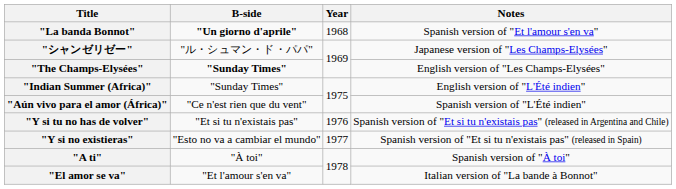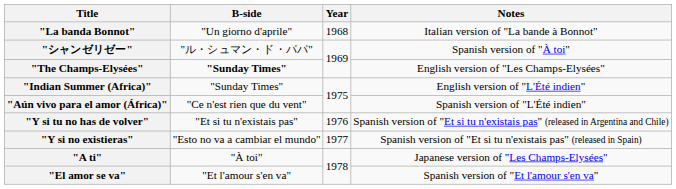 <table class="wikitable plainrowheaders" style="text-align:center;">
 <tr>
 <th rowspan="1" scope="col">Title</th>
 <th rowspan="1" scope="col">B-side</th>
 <th rowspan="1" scope="col">Year</th>
 <th rowspan="1" scope="col">Notes</th>
 </tr>
 <tr>
 <th scope="row">"La banda Bonnot"</th>
-<td><strong>"Un giorno d'aprile"</strong></td>
+<td>"Un giorno d'aprile"</td>
 <td>1968</td>
-<td>Spanish version of "<a href='#'>Et l'amour s'en va</a>"</td>
+<td>Italian version of "La bande à Bonnot"</td>
 </tr>
 <tr>
 <th scope="row">"シャンゼリゼー"</th>
 <td>"ル・シュマン・ド・パパ"</td>
 <td rowspan="2">1969</td>
-<td>Japanese version of "<a href='#'>Les Champs-Elysées</a>"</td>
+<td>Spanish version of "<a href='#'>À toi</a>"</td>
 </tr>
 <tr>
 <th scope="row">"The Champs-Elysées"</th>
 <td><strong>"Sunday Times"</strong></td>
 <td>English version of "Les Champs-Elysées"</td>
 </tr>
 <tr>
 <th scope="row">"Indian Summer (Africa)"</th>
 <td>"Sunday Times"</td>
 <td rowspan="2">1975</td>
 <td>English version of "<a href='#'>L'Été indien</a>"</td>
 </tr>
 <tr>
 <th scope="row">"Aún vivo para el amor (África)"</th>
 <td>"Ce n'est rien que du vent"</td>
 <td>Spanish version of "L'Été indien"</td>
 </tr>
 <tr>
 <th scope="row">"Y si tu no has de volver"</th>
 <td>"Et si tu n'existais pas"</td>
 <td>1976</td>
 <td>Spanish version of "<a href='#'>Et si tu n'existais pas</a>" <small>(released in Argentina and Chile)</small></td>
 </tr>
 <tr>
 <th scope="row">"Y si no existieras"</th>
 <td>"Esto no va a cambiar el mundo"</td>
 <td>1977</td>
 <td>Spanish version of "Et si tu n'existais pas" <small>(released in Spain)</small></td>
 </tr>
 <tr>
 <th scope="row">"A ti"</th>
 <td>"À toi"</td>
 <td rowspan="2">1978</td>
-<td>Spanish version of "<a href='#'>À toi</a>"</td>
+<td>Japanese version of "<a href='#'>Les Champs-Elysées</a>"</td>
 </tr>
 <tr>
 <th scope="row">"El amor se va"</th>
 <td>"Et l'amour s'en va"</td>
-<td>Italian version of "La bande à Bonnot"</td>
+<td>Spanish version of "<a href='#'>Et l'amour s'en va</a>"</td>
 </tr>
 </table>
